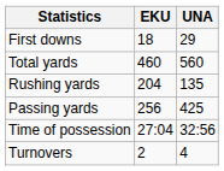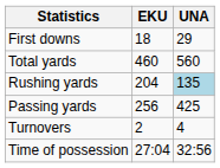 <table class="wikitable" style="float: left;">
 <tr>
 <th>Statistics</th>
 <th>EKU</th>
 <th>UNA</th>
 </tr>
 <tr>
 <td>First downs</td>
 <td>18</td>
 <td>29</td>
 </tr>
 <tr>
 <td>Total yards</td>
 <td>460</td>
 <td>560</td>
 </tr>
 <tr>
 <td>Rushing yards</td>
 <td>204</td>
-<td>135</td>
+<td style="background: lightblue;">135</td>
 </tr>
 <tr>
 <td>Passing yards</td>
 <td>256</td>
 <td>425</td>
 </tr>
 <tr>
+<td>Turnovers</td>
+<td>2</td>
+<td>4</td>
+</tr>
+<tr>
 <td>Time of possession</td>
 <td>27:04</td>
 <td>32:56</td>
 </tr>
-<tr>
-<td>Turnovers</td>
-<td>2</td>
-<td>4</td>
-</tr>
 </table>
